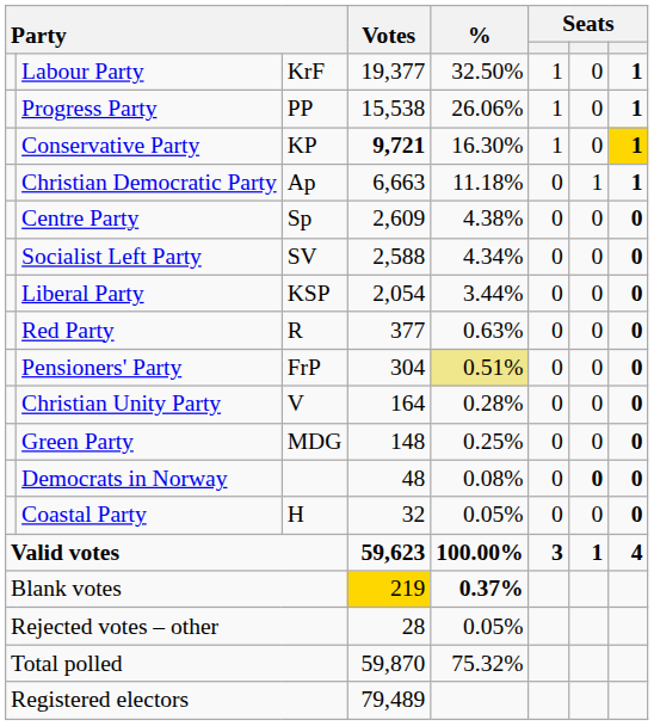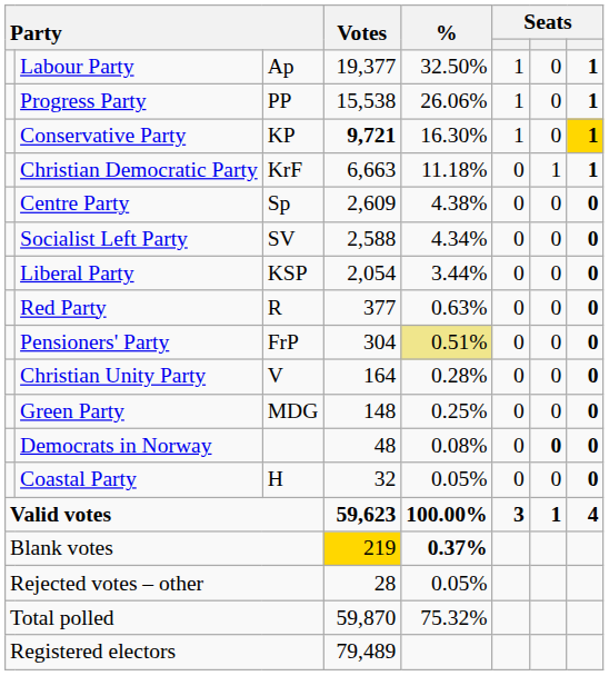 <table class="wikitable" border="1" style="text-align:right;">
 <tr>
 <th style="text-align:left;" valign=bottom rowspan=2 colspan=3>Party</th>
 <th align=center valign=bottom rowspan=2 width="50">Votes</th>
 <th align=center valign=bottom rowspan=2 width="50">%</th>
 <th colspan=3>Seats</th>
 </tr>
 <tr>
 <th align=center valign=bottom width="20"><small></small></th>
 <th align=center valign=bottom width="20"><small><a href='#'></a></small></th>
 <th align=center valign=bottom width="20"><small></small></th>
 </tr>
 <tr>
 <td style="color:inherit;background:"></td>
 <td align=left><a href='#'>Labour Party</a></td>
-<td align=left>KrF</td>
+<td align=left>Ap</td>
 <td>19,377</td>
 <td>32.50%</td>
 <td>1</td>
 <td>0</td>
 <td><strong>1</strong></td>
 </tr>
 <tr>
 <td style="color:inherit;background:"></td>
 <td align=left><a href='#'>Progress Party</a></td>
 <td align=left>PP</td>
 <td>15,538</td>
 <td>26.06%</td>
 <td>1</td>
 <td>0</td>
 <td><strong>1</strong></td>
 </tr>
 <tr>
 <td style="color:inherit;background:"></td>
 <td align=left><a href='#'>Conservative Party</a></td>
 <td align=left>KP</td>
 <td><strong>9,721</strong></td>
 <td>16.30%</td>
 <td>1</td>
 <td>0</td>
 <td style="background: gold;"><strong>1</strong></td>
 </tr>
 <tr>
 <td style="color:inherit;background:"></td>
 <td align=left><a href='#'>Christian Democratic Party</a></td>
-<td align=left>Ap</td>
+<td align=left>KrF</td>
 <td>6,663</td>
 <td>11.18%</td>
 <td>0</td>
 <td>1</td>
 <td><strong>1</strong></td>
 </tr>
 <tr>
 <td style="color:inherit;background:"></td>
 <td align=left><a href='#'>Centre Party</a></td>
 <td align=left>Sp</td>
 <td>2,609</td>
 <td>4.38%</td>
 <td>0</td>
 <td>0</td>
 <td><strong>0</strong></td>
 </tr>
 <tr>
 <td style="color:inherit;background:"></td>
 <td align=left><a href='#'>Socialist Left Party</a></td>
 <td align=left>SV</td>
 <td>2,588</td>
 <td>4.34%</td>
 <td>0</td>
 <td>0</td>
 <td><strong>0</strong></td>
 </tr>
 <tr>
 <td style="color:inherit;background:"></td>
 <td align=left><a href='#'>Liberal Party</a></td>
 <td align=left>KSP</td>
 <td>2,054</td>
 <td>3.44%</td>
 <td>0</td>
 <td>0</td>
 <td><strong>0</strong></td>
 </tr>
 <tr>
 <td style="color:inherit;background:"></td>
 <td align=left><a href='#'>Red Party</a></td>
 <td align=left>R</td>
 <td>377</td>
 <td>0.63%</td>
 <td>0</td>
 <td>0</td>
 <td><strong>0</strong></td>
 </tr>
 <tr>
 <td style="color:inherit;background:"></td>
 <td align=left><a href='#'>Pensioners' Party</a></td>
 <td align=left>FrP</td>
 <td>304</td>
 <td style="background: khaki;">0.51%</td>
 <td>0</td>
 <td>0</td>
 <td><strong>0</strong></td>
 </tr>
 <tr>
 <td style="color:inherit;background:"></td>
 <td align=left><a href='#'>Christian Unity Party</a></td>
 <td align=left>V</td>
 <td>164</td>
 <td>0.28%</td>
 <td>0</td>
 <td>0</td>
 <td><strong>0</strong></td>
 </tr>
 <tr>
 <td style="color:inherit;background:"></td>
 <td align=left><a href='#'>Green Party</a></td>
 <td align=left>MDG</td>
 <td>148</td>
 <td>0.25%</td>
 <td>0</td>
 <td>0</td>
 <td><strong>0</strong></td>
 </tr>
 <tr>
 <td style="color:inherit;background:"></td>
 <td align=left><a href='#'>Democrats in Norway</a></td>
 <td align=left></td>
 <td>48</td>
 <td>0.08%</td>
 <td>0</td>
 <td><strong>0</strong></td>
 <td><strong>0</strong></td>
 </tr>
 <tr>
 <td style="color:inherit;background:"></td>
 <td align=left><a href='#'>Coastal Party</a></td>
 <td align=left>H</td>
 <td>32</td>
 <td>0.05%</td>
 <td>0</td>
 <td>0</td>
 <td><strong>0</strong></td>
 </tr>
 <tr style="font-weight:bold">
 <td align=left colspan=3>Valid votes</td>
 <td>59,623</td>
 <td>100.00%</td>
 <td>3</td>
 <td>1</td>
 <td>4</td>
 </tr>
 <tr>
 <td align=left colspan=3>Blank votes</td>
 <td style="background: gold;">219</td>
 <td><strong>0.37%</strong></td>
 <td></td>
 <td></td>
 <td></td>
 </tr>
 <tr>
 <td align=left colspan=3>Rejected votes – other</td>
 <td>28</td>
 <td>0.05%</td>
 <td></td>
 <td></td>
 <td></td>
 </tr>
 <tr>
 <td align=left colspan=3>Total polled</td>
 <td>59,870</td>
 <td>75.32%</td>
 <td></td>
 <td></td>
 <td></td>
 </tr>
 <tr>
 <td align=left colspan=3>Registered electors</td>
 <td>79,489</td>
 <td></td>
 <td></td>
 <td></td>
 <td></td>
 </tr>
 </table>
